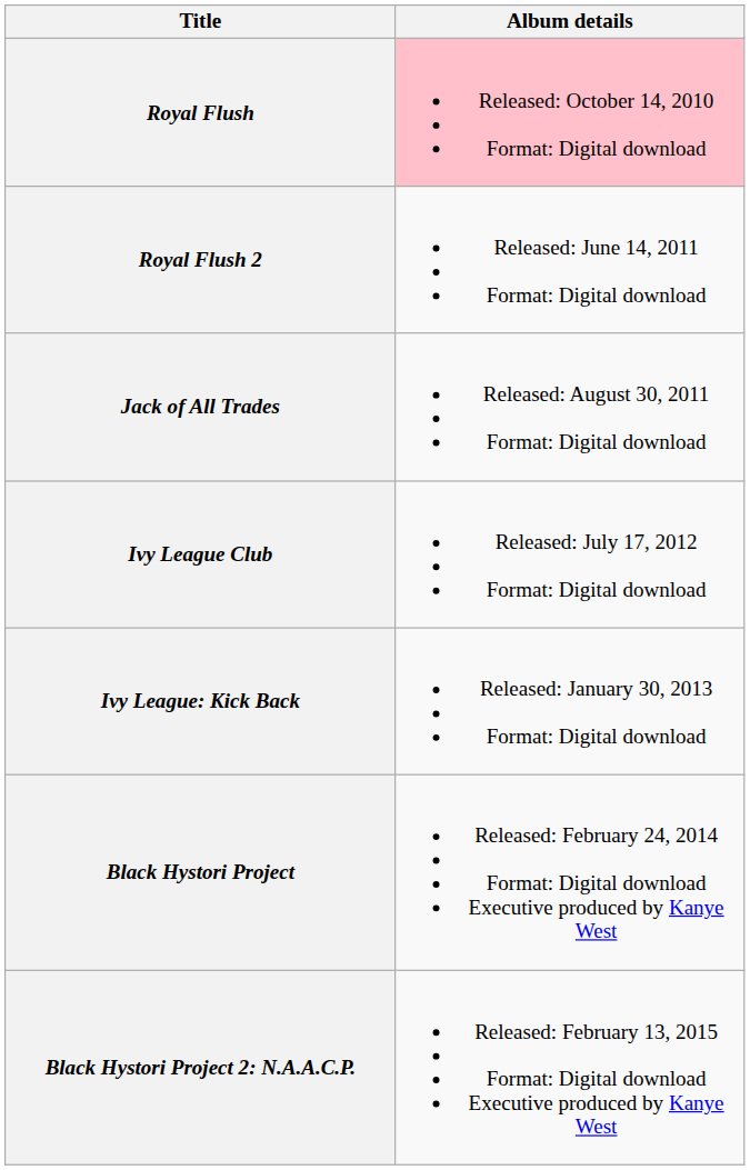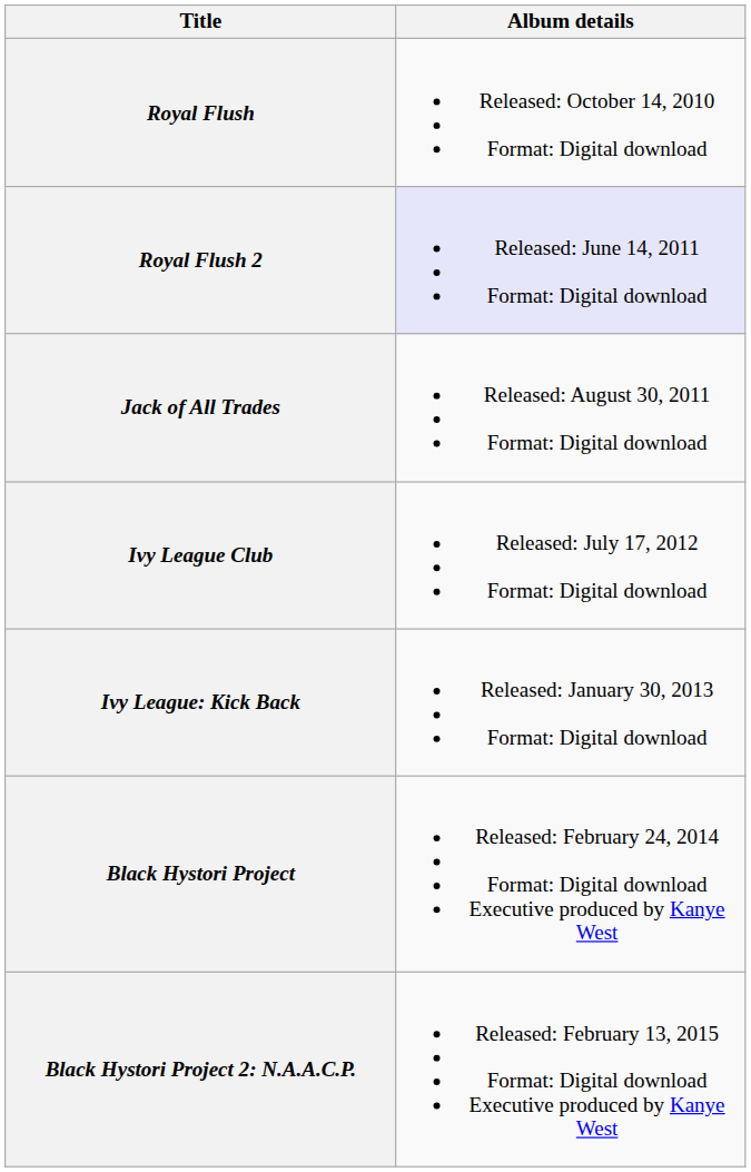 <table class="wikitable plainrowheaders" style="text-align:center;">
 <tr>
 <th scope="col" style="width:18em;">Title</th>
 <th scope="col" style="width:16em;">Album details</th>
 </tr>
 <tr>
 <th scope="row"><em>Royal Flush</em></th>
-<td style="background: pink;"><br><ul><li>Released: October 14, 2010</li><li></li><li>Format: Digital download</li></ul></td>
+<td><br><ul><li>Released: October 14, 2010</li><li></li><li>Format: Digital download</li></ul></td>
 </tr>
 <tr>
 <th scope="row"><em>Royal Flush 2</em></th>
-<td><br><ul><li>Released: June 14, 2011</li><li></li><li>Format: Digital download</li></ul></td>
+<td style="background: lavender;"><br><ul><li>Released: June 14, 2011</li><li></li><li>Format: Digital download</li></ul></td>
 </tr>
 <tr>
 <th scope="row"><em>Jack of All Trades</em></th>
 <td><br><ul><li>Released: August 30, 2011</li><li></li><li>Format: Digital download</li></ul></td>
 </tr>
 <tr>
 <th scope="row"><em>Ivy League Club</em></th>
 <td><br><ul><li>Released: July 17, 2012</li><li></li><li>Format: Digital download</li></ul></td>
 </tr>
 <tr>
 <th scope="row"><em>Ivy League: Kick Back</em></th>
 <td><br><ul><li>Released: January 30, 2013</li><li></li><li>Format: Digital download</li></ul></td>
 </tr>
 <tr>
 <th scope="row"><em>Black Hystori Project</em></th>
 <td><br><ul><li>Released: February 24, 2014</li><li></li><li>Format: Digital download</li><li>Executive produced by <a href='#'>Kanye West</a></li></ul></td>
 </tr>
 <tr>
 <th scope="row"><em>Black Hystori Project 2: N.A.A.C.P.</em></th>
 <td><br><ul><li>Released: February 13, 2015</li><li></li><li>Format: Digital download</li><li>Executive produced by <a href='#'>Kanye West</a></li></ul></td>
 </tr>
 </table>
